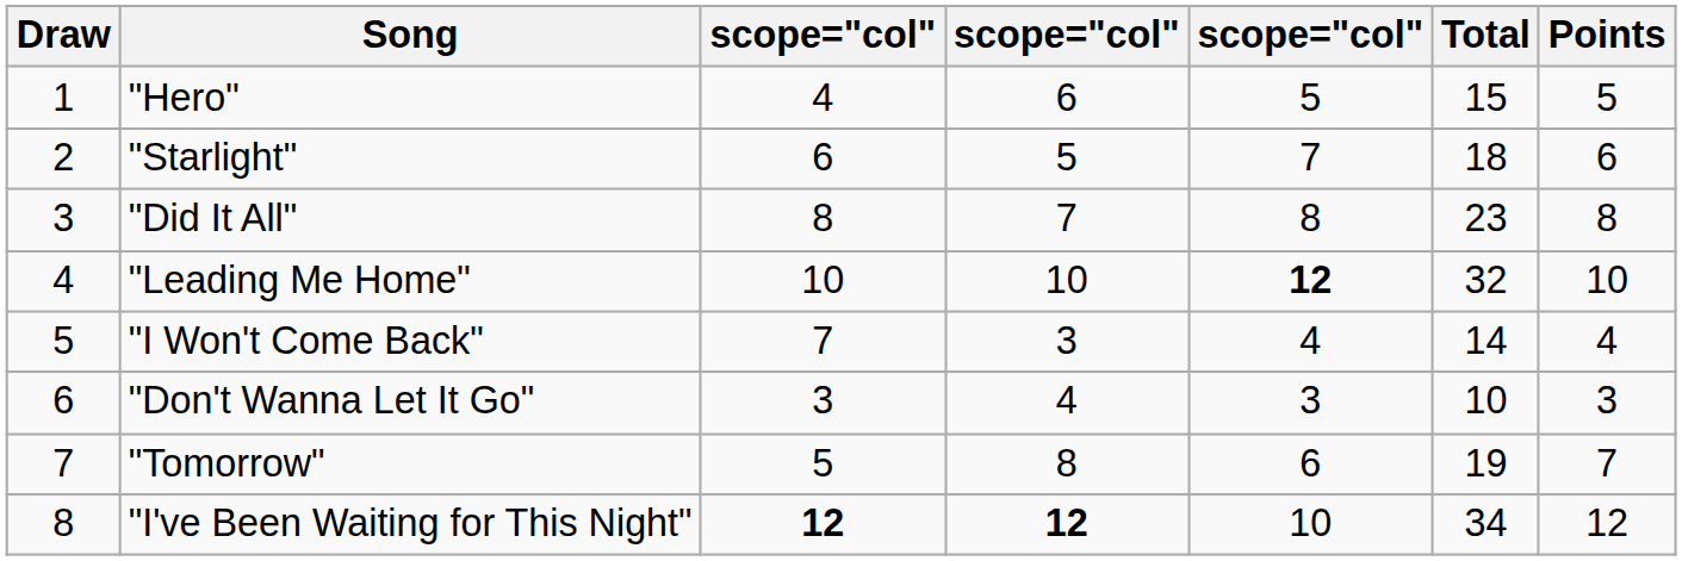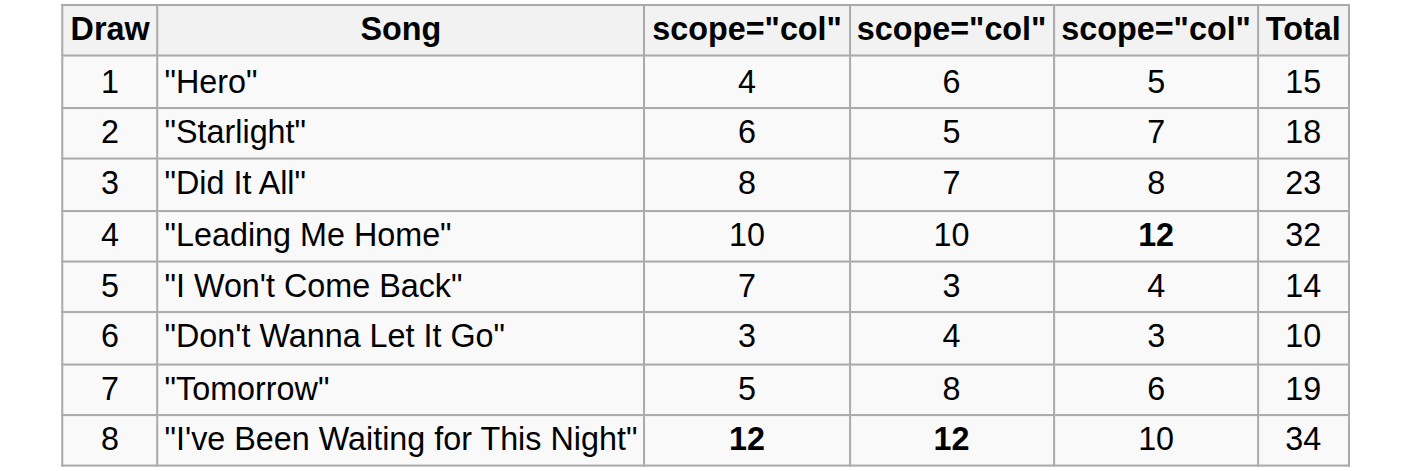 <table class="wikitable collapsible" style="margin: 1em auto 1em auto; text-align:center;">
 <tr>
 <th>Draw</th>
 <th>Song</th>
 <th>scope="col" </th>
 <th>scope="col" </th>
 <th>scope="col" </th>
 <th>Total</th>
-<th>Points</th>
 </tr>
 <tr>
 <td>1</td>
 <td align="left">"Hero"</td>
 <td>4</td>
 <td>6</td>
 <td>5</td>
 <td>15</td>
-<td>5</td>
 </tr>
 <tr>
 <td>2</td>
 <td align="left">"Starlight"</td>
 <td>6</td>
 <td>5</td>
 <td>7</td>
 <td>18</td>
-<td>6</td>
 </tr>
 <tr>
 <td>3</td>
 <td align="left">"Did It All"</td>
 <td>8</td>
 <td>7</td>
 <td>8</td>
 <td>23</td>
-<td>8</td>
 </tr>
 <tr>
 <td>4</td>
 <td align="left">"Leading Me Home"</td>
 <td>10</td>
 <td>10</td>
 <td><strong>12</strong></td>
 <td>32</td>
-<td>10</td>
 </tr>
 <tr>
 <td>5</td>
 <td align="left">"I Won't Come Back"</td>
 <td>7</td>
 <td>3</td>
 <td>4</td>
 <td>14</td>
-<td>4</td>
 </tr>
 <tr>
 <td>6</td>
 <td align="left">"Don't Wanna Let It Go"</td>
 <td>3</td>
 <td>4</td>
 <td>3</td>
 <td>10</td>
-<td>3</td>
 </tr>
 <tr>
 <td>7</td>
 <td align="left">"Tomorrow"</td>
 <td>5</td>
 <td>8</td>
 <td>6</td>
 <td>19</td>
-<td>7</td>
 </tr>
 <tr>
 <td>8</td>
 <td align="left">"I've Been Waiting for This Night"</td>
 <td><strong>12</strong></td>
 <td><strong>12</strong></td>
 <td>10</td>
 <td>34</td>
-<td>12</td>
 </tr>
 </table>
